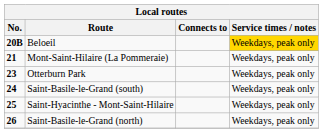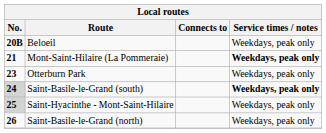 <table align=center class="wikitable">
 <tr>
 <th colspan=4>Local routes</th>
 </tr>
 <tr>
 <th>No.</th>
 <th>Route</th>
 <th>Connects to</th>
 <th>Service times / notes</th>
 </tr>
 <tr>
 <td {{border> <strong>20B</strong></td>
 <td>Beloeil</td>
 <td> </td>
-<td style="background: gold;">Weekdays, peak only</td>
+<td>Weekdays, peak only</td>
 </tr>
 <tr>
 <td {{border> <strong>21</strong></td>
 <td>Mont-Saint-Hilaire (La Pommeraie)</td>
 <td> </td>
-<td>Weekdays, peak only</td>
+<td><strong>Weekdays, peak only</strong></td>
 </tr>
 <tr>
 <td {{border> <strong>23</strong></td>
 <td>Otterburn Park</td>
 <td> </td>
 <td>Weekdays, peak only</td>
 </tr>
 <tr>
-<td {{border> <strong>24</strong></td>
+<td {{border style="background: lightgrey;"> <strong>24</strong></td>
 <td>Saint-Basile-le-Grand (south)</td>
 <td> </td>
-<td>Weekdays, peak only</td>
+<td><strong>Weekdays, peak only</strong></td>
 </tr>
 <tr>
-<td {{border> <strong>25</strong></td>
+<td {{border style="background: lightgrey;"> <strong>25</strong></td>
 <td>Saint-Hyacinthe - Mont-Saint-Hilaire</td>
 <td></td>
 <td>Weekdays, peak only</td>
 </tr>
 <tr>
 <td {{border> <strong>26</strong></td>
 <td>Saint-Basile-le-Grand (north)</td>
 <td> </td>
 <td>Weekdays, peak only</td>
 </tr>
 <tr>
 </tr>
 </table>
